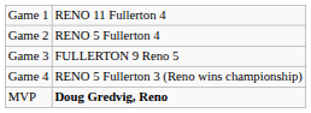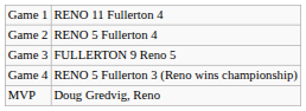 <table class="wikitable">
 <tr>
 <td>Game 1</td>
 <td>RENO 11 Fullerton 4</td>
 </tr>
 <tr>
 <td>Game 2</td>
 <td>RENO 5 Fullerton 4</td>
 </tr>
 <tr>
 <td>Game 3</td>
 <td>FULLERTON 9 Reno 5</td>
 </tr>
 <tr>
 <td>Game 4</td>
 <td>RENO 5 Fullerton 3 (Reno wins championship)</td>
 </tr>
 <tr>
 <td>MVP</td>
-<td><strong>Doug Gredvig, Reno</strong></td>
+<td>Doug Gredvig, Reno</td>
 </tr>
 </table>
